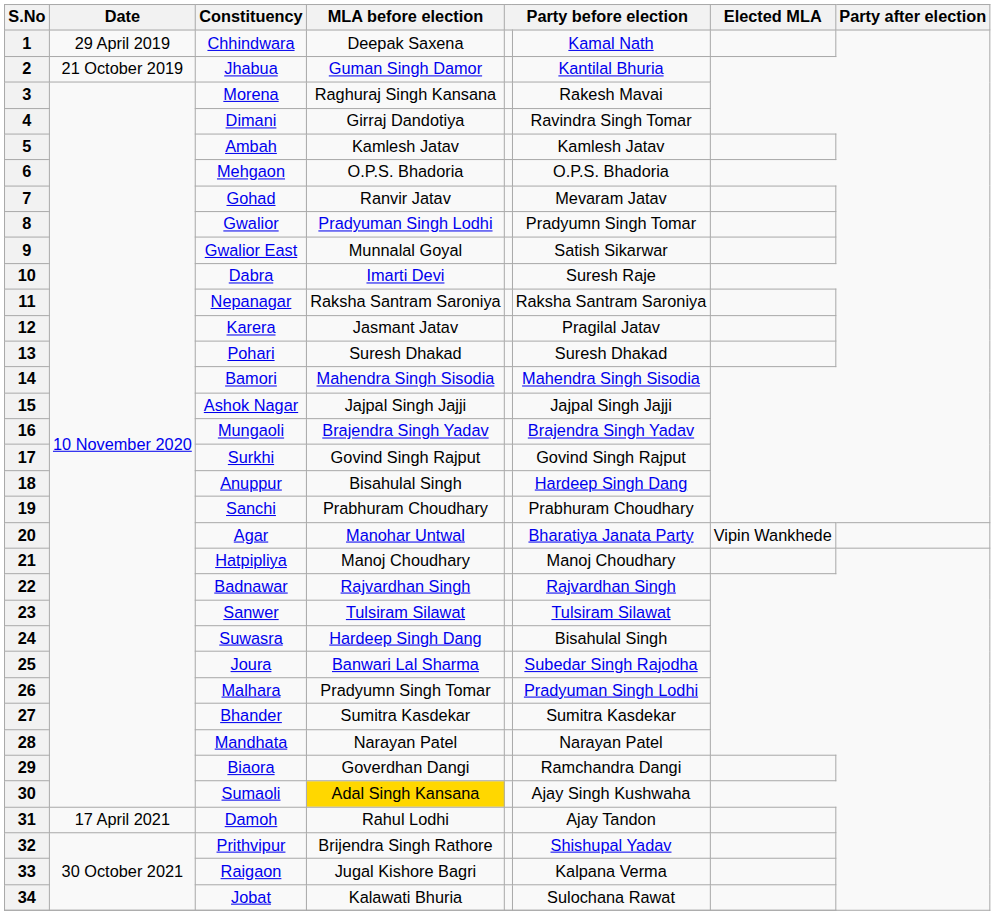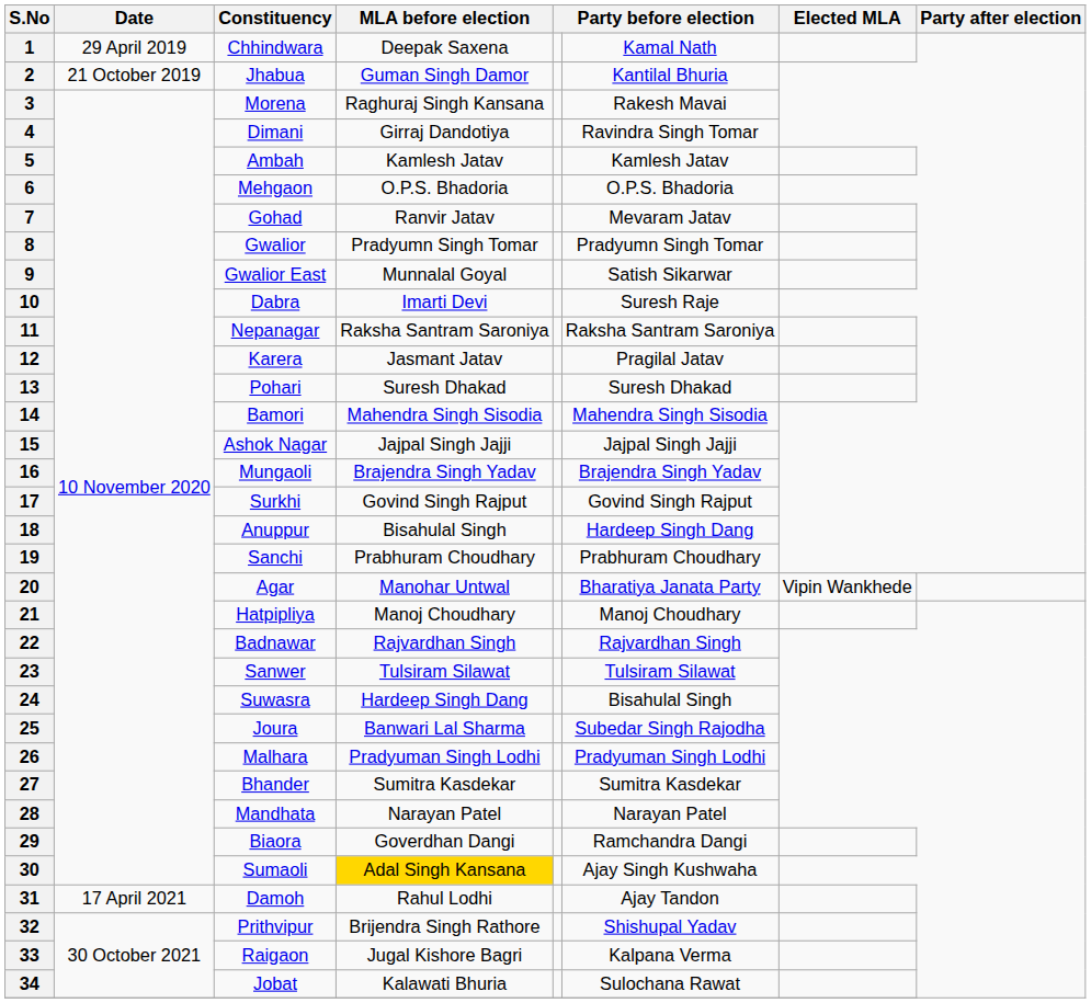 <table class="wikitable sortable" style="text-align:center;">
 <tr>
 <th>S.No</th>
 <th>Date</th>
 <th>Constituency</th>
 <th>MLA before election</th>
 <th colspan="2">Party before election</th>
 <th>Elected MLA</th>
 <th colspan="2">Party after election</th>
 </tr>
 <tr>
 <th>1</th>
 <td>29 April 2019</td>
 <td><a href='#'>Chhindwara</a></td>
 <td>Deepak Saxena</td>
 <td></td>
 <td><a href='#'>Kamal Nath</a></td>
 <td></td>
 </tr>
 <tr>
 <th>2</th>
 <td>21 October 2019</td>
 <td><a href='#'>Jhabua</a></td>
 <td><a href='#'>Guman Singh Damor</a></td>
 <td></td>
 <td><a href='#'>Kantilal Bhuria</a></td>
 </tr>
 <tr>
 <th>3</th>
 <td rowspan="28"><a href='#'>10 November 2020</a></td>
 <td><a href='#'>Morena</a></td>
 <td>Raghuraj Singh Kansana</td>
 <td></td>
 <td>Rakesh Mavai</td>
 </tr>
 <tr>
 <th>4</th>
 <td><a href='#'>Dimani</a></td>
 <td>Girraj Dandotiya</td>
 <td></td>
 <td>Ravindra Singh Tomar</td>
 </tr>
 <tr>
 <th>5</th>
 <td><a href='#'>Ambah</a></td>
 <td>Kamlesh Jatav</td>
 <td></td>
 <td>Kamlesh Jatav</td>
 <td></td>
 </tr>
 <tr>
 <th>6</th>
 <td><a href='#'>Mehgaon</a></td>
 <td>O.P.S. Bhadoria</td>
 <td></td>
 <td>O.P.S. Bhadoria</td>
 </tr>
 <tr>
 <th>7</th>
 <td><a href='#'>Gohad</a></td>
 <td>Ranvir Jatav</td>
 <td></td>
 <td>Mevaram Jatav</td>
 <td></td>
 </tr>
 <tr>
 <th>8</th>
 <td><a href='#'>Gwalior</a></td>
-<td><a href='#'>Pradyuman Singh Lodhi</a></td>
+<td>Pradyumn Singh Tomar</td>
 <td></td>
 <td>Pradyumn Singh Tomar</td>
 <td></td>
 </tr>
 <tr>
 <th>9</th>
 <td><a href='#'>Gwalior East</a></td>
 <td>Munnalal Goyal</td>
 <td></td>
 <td>Satish Sikarwar</td>
 <td></td>
 </tr>
 <tr>
 <th>10</th>
 <td><a href='#'>Dabra</a></td>
 <td><a href='#'>Imarti Devi</a></td>
 <td></td>
 <td>Suresh Raje</td>
 </tr>
 <tr>
 <th>11</th>
 <td><a href='#'>Nepanagar</a></td>
 <td>Raksha Santram Saroniya</td>
 <td></td>
 <td>Raksha Santram Saroniya</td>
 <td></td>
 </tr>
 <tr>
 <th>12</th>
 <td><a href='#'>Karera</a></td>
 <td>Jasmant Jatav</td>
 <td></td>
 <td>Pragilal Jatav</td>
 <td></td>
 </tr>
 <tr>
 <th>13</th>
 <td><a href='#'>Pohari</a></td>
 <td>Suresh Dhakad</td>
 <td></td>
 <td>Suresh Dhakad</td>
 <td></td>
 </tr>
 <tr>
 <th>14</th>
 <td><a href='#'>Bamori</a></td>
 <td><a href='#'>Mahendra Singh Sisodia</a></td>
 <td></td>
 <td><a href='#'>Mahendra Singh Sisodia</a></td>
 </tr>
 <tr>
 <th>15</th>
 <td><a href='#'>Ashok Nagar</a></td>
 <td>Jajpal Singh Jajji</td>
 <td></td>
 <td>Jajpal Singh Jajji</td>
 </tr>
 <tr>
 <th>16</th>
 <td><a href='#'>Mungaoli</a></td>
 <td><a href='#'>Brajendra Singh Yadav</a></td>
 <td></td>
 <td><a href='#'>Brajendra Singh Yadav</a></td>
 </tr>
 <tr>
 <th>17</th>
 <td><a href='#'>Surkhi</a></td>
 <td>Govind Singh Rajput</td>
 <td></td>
 <td>Govind Singh Rajput</td>
 </tr>
 <tr>
 <th>18</th>
 <td><a href='#'>Anuppur</a></td>
 <td>Bisahulal Singh</td>
 <td></td>
 <td><a href='#'>Hardeep Singh Dang</a></td>
 </tr>
 <tr>
 <th>19</th>
 <td><a href='#'>Sanchi</a></td>
 <td>Prabhuram Choudhary</td>
 <td></td>
 <td>Prabhuram Choudhary</td>
 </tr>
 <tr>
 <th>20</th>
 <td><a href='#'>Agar</a></td>
 <td><a href='#'>Manohar Untwal</a></td>
 <td></td>
 <td><a href='#'>Bharatiya Janata Party</a></td>
 <td>Vipin Wankhede</td>
 <td></td>
 </tr>
 <tr>
 <th>21</th>
 <td><a href='#'>Hatpipliya</a></td>
 <td>Manoj Choudhary</td>
 <td></td>
 <td>Manoj Choudhary</td>
 <td></td>
 </tr>
 <tr>
 <th>22</th>
 <td><a href='#'>Badnawar</a></td>
 <td><a href='#'>Rajvardhan Singh</a></td>
 <td></td>
 <td><a href='#'>Rajvardhan Singh</a></td>
 </tr>
 <tr>
 <th>23</th>
 <td><a href='#'>Sanwer</a></td>
 <td><a href='#'>Tulsiram Silawat</a></td>
 <td></td>
 <td><a href='#'>Tulsiram Silawat</a></td>
 </tr>
 <tr>
 <th>24</th>
 <td><a href='#'>Suwasra</a></td>
 <td><a href='#'>Hardeep Singh Dang</a></td>
 <td></td>
 <td>Bisahulal Singh</td>
 </tr>
 <tr>
 <th>25</th>
 <td><a href='#'>Joura</a></td>
 <td><a href='#'>Banwari Lal Sharma</a></td>
 <td></td>
 <td><a href='#'>Subedar Singh Rajodha</a></td>
 </tr>
 <tr>
 <th>26</th>
 <td><a href='#'>Malhara</a></td>
-<td>Pradyumn Singh Tomar</td>
+<td><a href='#'>Pradyuman Singh Lodhi</a></td>
 <td></td>
 <td><a href='#'>Pradyuman Singh Lodhi</a></td>
 </tr>
 <tr>
 <th>27</th>
 <td><a href='#'>Bhander</a></td>
 <td>Sumitra Kasdekar</td>
 <td></td>
 <td>Sumitra Kasdekar</td>
 </tr>
 <tr>
 <th>28</th>
 <td><a href='#'>Mandhata</a></td>
 <td>Narayan Patel</td>
 <td></td>
 <td>Narayan Patel</td>
 </tr>
 <tr>
 <th>29</th>
 <td><a href='#'>Biaora</a></td>
 <td>Goverdhan Dangi</td>
 <td></td>
 <td>Ramchandra Dangi</td>
 <td></td>
 </tr>
 <tr>
 <th>30</th>
 <td><a href='#'>Sumaoli</a></td>
 <td style="background: gold;">Adal Singh Kansana</td>
 <td></td>
 <td>Ajay Singh Kushwaha</td>
 </tr>
 <tr>
 <th>31</th>
 <td>17 April 2021</td>
 <td><a href='#'>Damoh</a></td>
 <td>Rahul Lodhi</td>
 <td></td>
 <td>Ajay Tandon</td>
 <td></td>
 </tr>
 <tr>
 <th>32</th>
 <td rowspan="3">30 October 2021</td>
 <td><a href='#'>Prithvipur</a></td>
 <td>Brijendra Singh Rathore</td>
 <td></td>
 <td><a href='#'>Shishupal Yadav</a></td>
 <td></td>
 </tr>
 <tr>
 <th>33</th>
 <td><a href='#'>Raigaon</a></td>
 <td>Jugal Kishore Bagri</td>
 <td></td>
 <td>Kalpana Verma</td>
 <td></td>
 </tr>
 <tr>
 <th>34</th>
 <td><a href='#'>Jobat</a></td>
 <td>Kalawati Bhuria</td>
 <td></td>
 <td>Sulochana Rawat</td>
 <td></td>
 </tr>
 <tr>
 </tr>
 </table>
